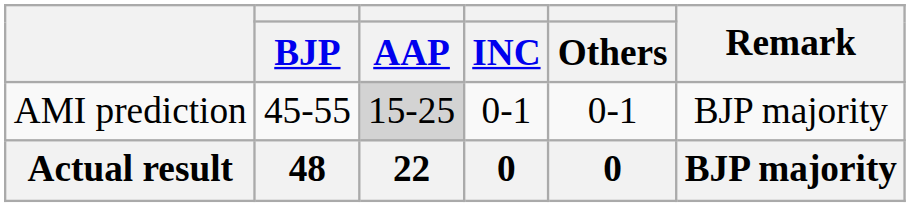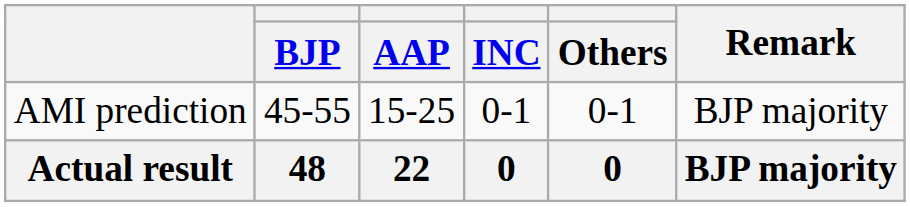 <table class="wikitable" style="text-align:center">
 <tr>
 <th rowspan="2"></th>
 <th style="background:"></th>
 <th style="background:"></th>
 <th style="background:"></th>
 <th style="background:"></th>
 <th rowspan="2">Remark</th>
 </tr>
 <tr>
 <th><a href='#'>BJP</a></th>
 <th><a href='#'>AAP</a></th>
 <th><a href='#'>INC</a></th>
 <th>Others</th>
 </tr>
 <tr>
 <td>AMI prediction</td>
 <td style="background:">45-55</td>
-<td style="background: lightgrey;">15-25</td>
+<td>15-25</td>
 <td>0-1</td>
 <td>0-1</td>
 <td>BJP majority</td>
 </tr>
 <tr>
 <th>Actual result</th>
 <th style="background:">48</th>
 <th>22</th>
 <th>0</th>
 <th>0</th>
 <th>BJP majority</th>
 </tr>
 </table>
